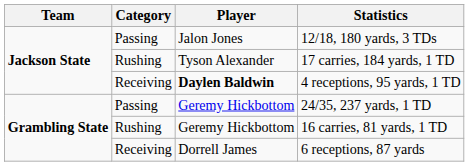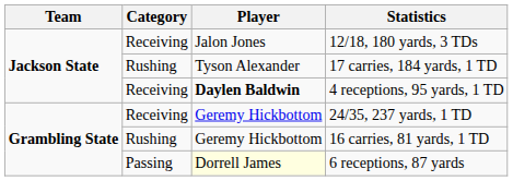 <table class="wikitable" style="float: left;">
 <tr>
 <th>Team</th>
 <th>Category</th>
 <th>Player</th>
 <th>Statistics</th>
 </tr>
 <tr>
 <td rowspan=3><strong>Jackson State</strong></td>
-<td>Passing</td>
+<td>Receiving</td>
 <td>Jalon Jones</td>
 <td>12/18, 180 yards, 3 TDs</td>
 </tr>
 <tr>
 <td>Rushing</td>
 <td>Tyson Alexander</td>
 <td>17 carries, 184 yards, 1 TD</td>
 </tr>
 <tr>
 <td>Receiving</td>
 <td><strong>Daylen Baldwin</strong></td>
 <td>4 receptions, 95 yards, 1 TD</td>
 </tr>
 <tr>
 <td rowspan=3><strong>Grambling State</strong></td>
-<td>Passing</td>
+<td>Receiving</td>
 <td><a href='#'>Geremy Hickbottom</a></td>
 <td>24/35, 237 yards, 1 TD</td>
 </tr>
 <tr>
 <td>Rushing</td>
 <td>Geremy Hickbottom</td>
 <td>16 carries, 81 yards, 1 TD</td>
 </tr>
 <tr>
-<td>Receiving</td>
-<td>Dorrell James</td>
+<td>Passing</td>
+<td style="background: lightyellow;">Dorrell James</td>
 <td>6 receptions, 87 yards</td>
 </tr>
 </table>
